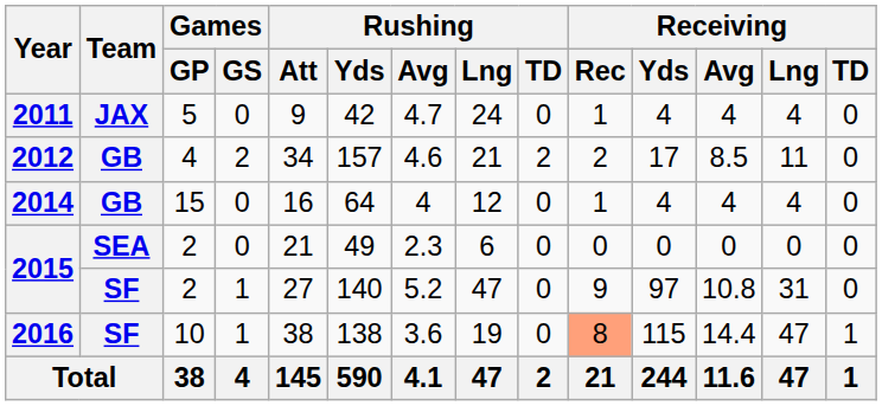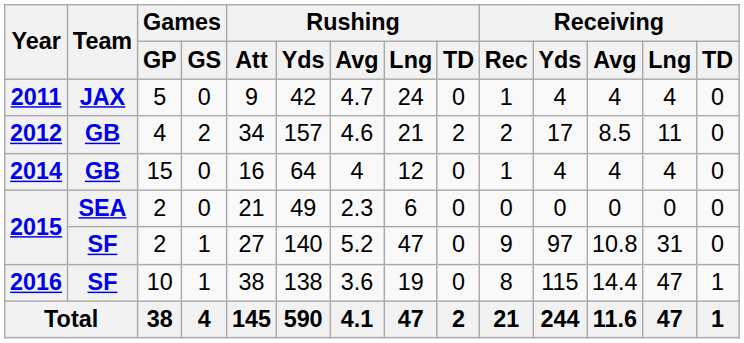 <table class=wikitable style="text-align:center;">
 <tr>
 <th rowspan=2>Year</th>
 <th rowspan=2>Team</th>
 <th colspan=2>Games</th>
 <th colspan=5>Rushing</th>
 <th colspan=5>Receiving</th>
 </tr>
 <tr>
 <th>GP</th>
 <th>GS</th>
 <th>Att</th>
 <th>Yds</th>
 <th>Avg</th>
 <th>Lng</th>
 <th>TD</th>
 <th>Rec</th>
 <th>Yds</th>
 <th>Avg</th>
 <th>Lng</th>
 <th>TD</th>
 </tr>
 <tr>
 <th><a href='#'>2011</a></th>
 <th><a href='#'>JAX</a></th>
 <td>5</td>
 <td>0</td>
 <td>9</td>
 <td>42</td>
 <td>4.7</td>
 <td>24</td>
 <td>0</td>
 <td>1</td>
 <td>4</td>
 <td>4</td>
 <td>4</td>
 <td>0</td>
 </tr>
 <tr>
 <th><a href='#'>2012</a></th>
 <th><a href='#'>GB</a></th>
 <td>4</td>
 <td>2</td>
 <td>34</td>
 <td>157</td>
 <td>4.6</td>
 <td>21</td>
 <td>2</td>
 <td>2</td>
 <td>17</td>
 <td>8.5</td>
 <td>11</td>
 <td>0</td>
 </tr>
 <tr>
 <th><a href='#'>2014</a></th>
 <th><a href='#'>GB</a></th>
 <td>15</td>
 <td>0</td>
 <td>16</td>
 <td>64</td>
 <td>4</td>
 <td>12</td>
 <td>0</td>
 <td>1</td>
 <td>4</td>
 <td>4</td>
 <td>4</td>
 <td>0</td>
 </tr>
 <tr>
 <th rowspan="2"><a href='#'>2015</a></th>
 <th><a href='#'>SEA</a></th>
 <td>2</td>
 <td>0</td>
 <td>21</td>
 <td>49</td>
 <td>2.3</td>
 <td>6</td>
 <td>0</td>
 <td>0</td>
 <td>0</td>
 <td>0</td>
 <td>0</td>
 <td>0</td>
 </tr>
 <tr>
 <th><a href='#'>SF</a></th>
 <td>2</td>
 <td>1</td>
 <td>27</td>
 <td>140</td>
 <td>5.2</td>
 <td>47</td>
 <td>0</td>
 <td>9</td>
 <td>97</td>
 <td>10.8</td>
 <td>31</td>
 <td>0</td>
 </tr>
 <tr>
 <th><a href='#'>2016</a></th>
 <th><a href='#'>SF</a></th>
 <td>10</td>
 <td>1</td>
 <td>38</td>
 <td>138</td>
 <td>3.6</td>
 <td>19</td>
 <td>0</td>
-<td style="background: lightsalmon;">8</td>
+<td>8</td>
 <td>115</td>
 <td>14.4</td>
 <td>47</td>
 <td>1</td>
 </tr>
 <tr>
 <th colspan="2">Total</th>
 <th>38</th>
 <th>4</th>
 <th>145</th>
 <th>590</th>
 <th>4.1</th>
 <th>47</th>
 <th>2</th>
 <th>21</th>
 <th>244</th>
 <th>11.6</th>
 <th>47</th>
 <th>1</th>
 </tr>
 </table>
